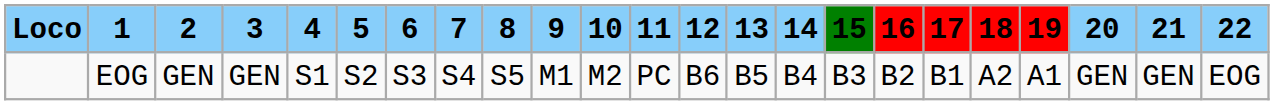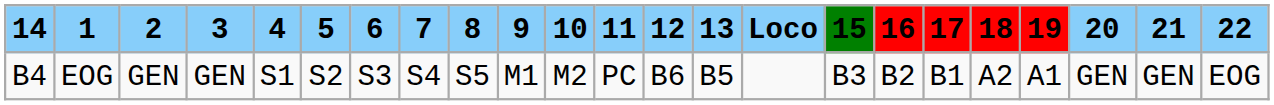 <table class="wikitable plainrowheaders unsortable" style="text-align:center">
 <tr>
-<th scope="col" rowspan="1" style="background:lightskyblue;">Loco</th>
+<th scope="col" rowspan="1" style="background:lightskyblue;">14</th>
 <th scope="col" rowspan="1" style="background:lightskyblue;">1</th>
 <th scope="col" rowspan="1" style="background:lightskyblue;">2</th>
 <th scope="col" rowspan="1" style="background:lightskyblue;">3</th>
 <th scope="col" rowspan="1" style="background:lightskyblue;">4</th>
 <th scope="col" rowspan="1" style="background:lightskyblue;">5</th>
 <th scope="col" rowspan="1" style="background:lightskyblue;">6</th>
 <th scope="col" rowspan="1" style="background:lightskyblue;">7</th>
 <th scope="col" rowspan="1" style="background:lightskyblue;">8</th>
 <th scope="col" rowspan="1" style="background:lightskyblue;">9</th>
 <th scope="col" rowspan="1" style="background:lightskyblue;">10</th>
 <th scope="col" rowspan="1" style="background:lightskyblue;">11</th>
 <th scope="col" rowspan="1" style="background:lightskyblue;">12</th>
 <th scope="col" rowspan="1" style="background:lightskyblue;">13</th>
-<th scope="col" rowspan="1" style="background:lightskyblue;">14</th>
+<th scope="col" rowspan="1" style="background:lightskyblue;">Loco</th>
 <th scope="col" rowspan="1" style="background:Green;">15</th>
 <th scope="col" rowspan="1" style="background:RED;">16</th>
 <th scope="col" rowspan="1" style="background:Red;">17</th>
 <th scope="col" rowspan="1" style="background:RED;">18</th>
 <th scope="col" rowspan="1" style="background:RED;">19</th>
 <th scope="col" rowspan="1" style="background:lightskyblue;">20</th>
 <th scope="col" rowspan="1" style="background:lightskyblue;">21</th>
 <th scope="col" rowspan="1" style="background:lightskyblue;">22</th>
 </tr>
 <tr>
-<td></td>
+<td>B4</td>
 <td>EOG</td>
 <td>GEN</td>
 <td>GEN</td>
 <td>S1</td>
 <td>S2</td>
 <td>S3</td>
 <td>S4</td>
 <td>S5</td>
 <td>M1</td>
 <td>M2</td>
 <td>PC</td>
 <td>B6</td>
 <td>B5</td>
-<td>B4</td>
+<td></td>
 <td>B3</td>
 <td>B2</td>
 <td>B1</td>
 <td>A2</td>
 <td>A1</td>
 <td>GEN</td>
 <td>GEN</td>
 <td>EOG</td>
 </tr>
 </table>
